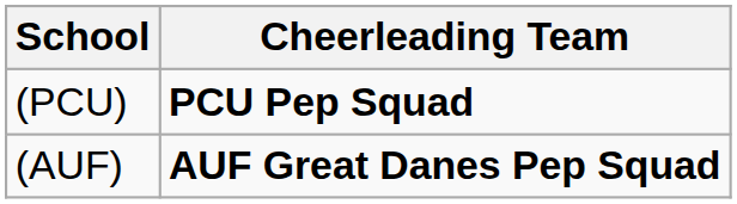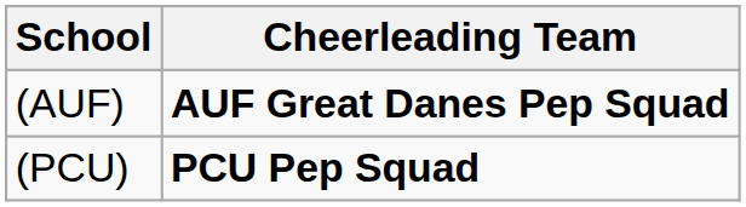 <table class="wikitable" style="text align: center">
 <tr bgcolor="#efefef">
 <th>School</th>
 <th>Cheerleading Team</th>
 </tr>
 <tr>
+<td><strong></strong> (AUF)</td>
+<td><strong>AUF Great Danes Pep Squad</strong></td>
+</tr>
+<tr>
 <td><strong></strong> (PCU)</td>
 <td><strong>PCU Pep Squad</strong></td>
 </tr>
-<tr>
-<td><strong></strong> (AUF)</td>
-<td><strong>AUF Great Danes Pep Squad</strong></td>
-</tr>
 </table>
